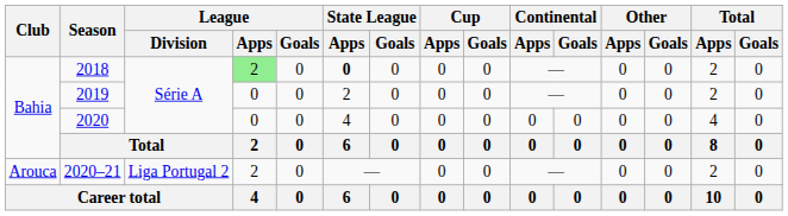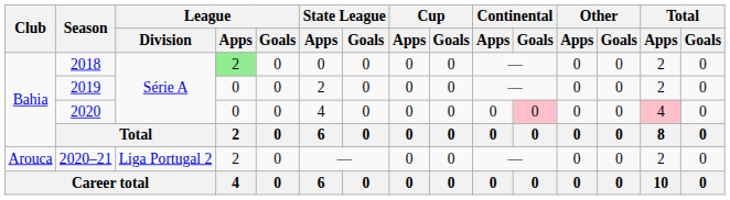 <table class="wikitable" style="text-align: center;">
 <tr>
 <th rowspan="2">Club</th>
 <th rowspan="2">Season</th>
 <th colspan="3">League</th>
 <th colspan="2">State League</th>
 <th colspan="2">Cup</th>
 <th colspan="2">Continental</th>
 <th colspan="2">Other</th>
 <th colspan="2">Total</th>
 </tr>
 <tr>
 <th>Division</th>
 <th>Apps</th>
 <th>Goals</th>
 <th>Apps</th>
 <th>Goals</th>
 <th>Apps</th>
 <th>Goals</th>
 <th>Apps</th>
 <th>Goals</th>
 <th>Apps</th>
 <th>Goals</th>
 <th>Apps</th>
 <th>Goals</th>
 </tr>
 <tr>
 <td rowspan="4" valign="center"><a href='#'>Bahia</a></td>
 <td><a href='#'>2018</a></td>
 <td rowspan="3"><a href='#'>Série A</a></td>
 <td style="background: lightgreen;">2</td>
 <td>0</td>
-<td><strong>0</strong></td>
+<td>0</td>
 <td>0</td>
 <td>0</td>
 <td>0</td>
 <td colspan="2">—</td>
 <td>0</td>
 <td>0</td>
 <td>2</td>
 <td>0</td>
 </tr>
 <tr>
 <td><a href='#'>2019</a></td>
 <td>0</td>
 <td>0</td>
 <td>2</td>
 <td>0</td>
 <td>0</td>
 <td>0</td>
 <td colspan="2">—</td>
 <td>0</td>
 <td>0</td>
 <td>2</td>
 <td>0</td>
 </tr>
 <tr>
 <td><a href='#'>2020</a></td>
 <td>0</td>
 <td>0</td>
 <td>4</td>
 <td>0</td>
 <td>0</td>
 <td>0</td>
 <td>0</td>
+<td style="background: pink;">0</td>
 <td>0</td>
 <td>0</td>
-<td>0</td>
-<td>4</td>
+<td style="background: pink;">4</td>
 <td>0</td>
 </tr>
 <tr>
 <th colspan="2">Total</th>
 <th>2</th>
 <th>0</th>
 <th>6</th>
 <th>0</th>
 <th>0</th>
 <th>0</th>
 <th>0</th>
 <th>0</th>
 <th>0</th>
 <th>0</th>
 <th>8</th>
 <th>0</th>
 </tr>
 <tr>
 <td valign="center"><a href='#'>Arouca</a></td>
 <td><a href='#'>2020–21</a></td>
 <td><a href='#'>Liga Portugal 2</a></td>
 <td>2</td>
 <td>0</td>
 <td colspan="2">—</td>
 <td>0</td>
 <td>0</td>
 <td colspan="2">—</td>
 <td>0</td>
 <td>0</td>
 <td>2</td>
 <td>0</td>
 </tr>
 <tr>
 <th colspan="3"><strong>Career total</strong></th>
 <th>4</th>
 <th>0</th>
 <th>6</th>
 <th>0</th>
 <th>0</th>
 <th>0</th>
 <th>0</th>
 <th>0</th>
 <th>0</th>
 <th>0</th>
 <th>10</th>
 <th>0</th>
 </tr>
 </table>
